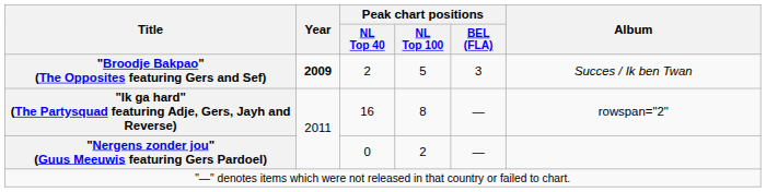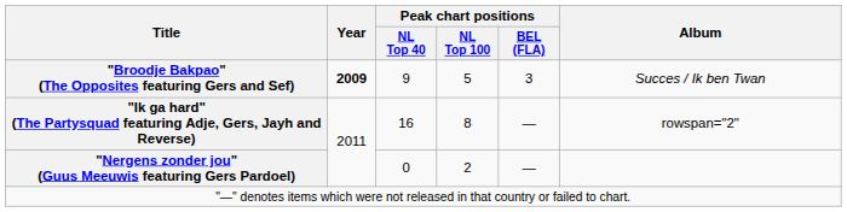 <table class="wikitable plainrowheaders" style="text-align:center;" border="1">
 <tr>
 <th scope="col" rowspan="2" style="width:23em;">Title</th>
 <th scope="col" rowspan="2" style="width:3em;">Year</th>
 <th scope="col" colspan="3">Peak chart positions</th>
 <th scope="col" rowspan="2" style="width:20em;">Album</th>
 </tr>
 <tr>
 <th scope="col" style="width:4.5em;font-size:90%;"><a href='#'>NL<br>Top 40</a><br></th>
 <th scope="col" style="width:4.5em;font-size:90%;"><a href='#'>NL<br>Top 100</a><br></th>
 <th scope="col" style="width:4.5em;font-size:90%;"><a href='#'>BEL<br>(FLA)</a><br></th>
 </tr>
 <tr>
 <th scope="row">"<a href='#'>Broodje Bakpao</a>"<br><span>(<a href='#'>The Opposites</a> featuring Gers and Sef)</span></th>
 <td><strong>2009</strong></td>
-<td>2</td>
+<td>9</td>
 <td>5</td>
 <td>3</td>
 <td><em>Succes / Ik ben Twan</em></td>
 </tr>
 <tr>
 <th scope="row">"Ik ga hard"<br><span>(<a href='#'>The Partysquad</a> featuring Adje, Gers, Jayh and Reverse)</span></th>
 <td rowspan="2">2011</td>
 <td>16</td>
 <td>8</td>
 <td>—</td>
 <td>rowspan="2" </td>
 </tr>
 <tr>
 <th scope="row">"<a href='#'>Nergens zonder jou</a>"<br><span>(<a href='#'>Guus Meeuwis</a> featuring Gers Pardoel)</span></th>
 <td>0</td>
 <td>2</td>
 <td>—</td>
 </tr>
 <tr>
 <td colspan="7" align="center" style="font-size:90%;">"—" denotes items which were not released in that country or failed to chart.</td>
 </tr>
 </table>
